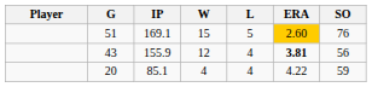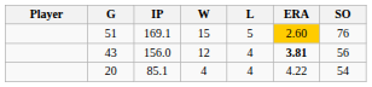 <table class="wikitable sortable">
 <tr>
 <th bgcolor="#DDDDFF" width="16%">Player</th>
 <th bgcolor="#DDDDFF" width="9%">G</th>
 <th bgcolor="#DDDDFF" width="9%">IP</th>
 <th bgcolor="#DDDDFF" width="9%">W</th>
 <th bgcolor="#DDDDFF" width="9%">L</th>
 <th bgcolor="#DDDDFF" width="9%">ERA</th>
 <th bgcolor="#DDDDFF" width="9%">SO</th>
 </tr>
 <tr align="center">
 <td></td>
 <td>51</td>
 <td>169.1</td>
 <td>15</td>
 <td>5</td>
 <td style="background:#fc0;">2.60</td>
 <td>76</td>
 </tr>
 <tr align="center">
 <td></td>
 <td>43</td>
-<td>155.9</td>
+<td>156.0</td>
 <td>12</td>
 <td>4</td>
 <td><strong>3.81</strong></td>
 <td>56</td>
 </tr>
 <tr align="center">
 <td></td>
 <td>20</td>
 <td>85.1</td>
 <td>4</td>
 <td>4</td>
 <td>4.22</td>
-<td>59</td>
+<td>54</td>
 </tr>
 </table>
